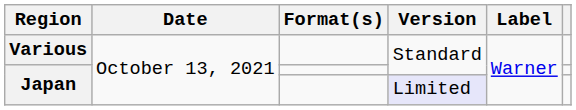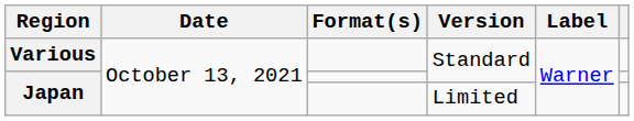 <table class="wikitable plainrowheaders">
 <tr>
 <th scope="col">Region</th>
 <th scope="col">Date</th>
 <th scope="col">Format(s)</th>
 <th scope="col">Version</th>
 <th scope="col">Label</th>
 <th scope="col"></th>
 </tr>
 <tr>
 <th scope="row">Various</th>
 <td rowspan="3">October 13, 2021</td>
 <td></td>
 <td rowspan="2">Standard</td>
 <td rowspan="3"><a href='#'>Warner</a></td>
 <td align="center"></td>
 </tr>
 <tr>
 <th rowspan="2" scope="row">Japan</th>
 <td></td>
 <td align="center"></td>
 </tr>
 <tr>
 <td></td>
-<td style="background: lavender;">Limited</td>
+<td>Limited</td>
 <td align="center"></td>
 </tr>
 </table>
